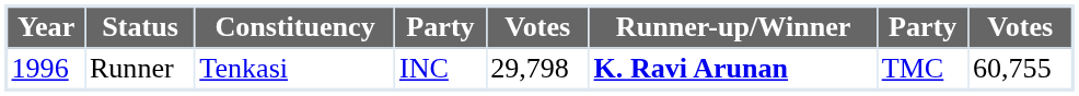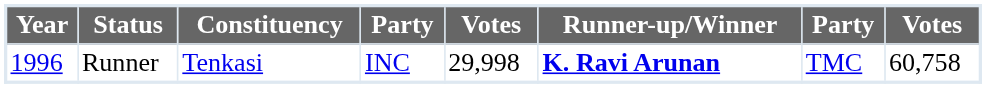 <table width="600px" cellpadding="2" cellspacing="0" border="1" style="border-collapse: collapse; border: 2px #DEE8F1 solid; font-size: x-big; font-family: verdana">
 <tr>
 <th style="background-color:#666666; color:white">Year</th>
 <th style="background-color:#666666; color:white">Status</th>
 <th style="background-color:#666666; color:white">Constituency</th>
 <th style="background-color:#666666; color:white">Party</th>
 <th style="background-color:#666666; color:white">Votes</th>
 <th style="background-color:#666666; color:white">Runner-up/Winner</th>
 <th style="background-color:#666666; color:white">Party</th>
 <th style="background-color:#666666; color:white">Votes</th>
 </tr>
 <tr -->
 <td><a href='#'>1996</a></td>
 <td>Runner </td>
 <td><a href='#'>Tenkasi</a></td>
 <td><a href='#'>INC</a></td>
-<td>29,798</td>
+<td>29,998</td>
 <td><strong><a href='#'>K. Ravi Arunan</a></strong></td>
 <td><a href='#'>TMC</a></td>
-<td>60,755</td>
+<td>60,758</td>
 </tr>
 </table>
